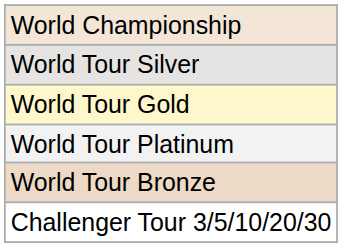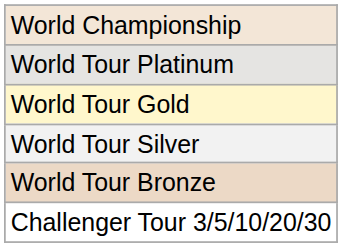 <table class=wikitable style=float:left;font-size:90%>
 <tr style="background:#F3E6D7;">
 <td>World Championship</td>
 </tr>
 <tr style="background:#E5E4E2;">
-<td>World Tour Silver</td>
+<td>World Tour Platinum</td>
 </tr>
 <tr style="background:#fff7cc;">
 <td>World Tour Gold</td>
 </tr>
 <tr style="background:#f2f2f2;">
-<td>World Tour Platinum</td>
+<td>World Tour Silver</td>
 </tr>
 <tr style="background:#ecd9c6;">
 <td>World Tour Bronze</td>
 </tr>
 <tr style="background:#fff;">
 <td>Challenger Tour 3/5/10/20/30</td>
 </tr>
 </table>
